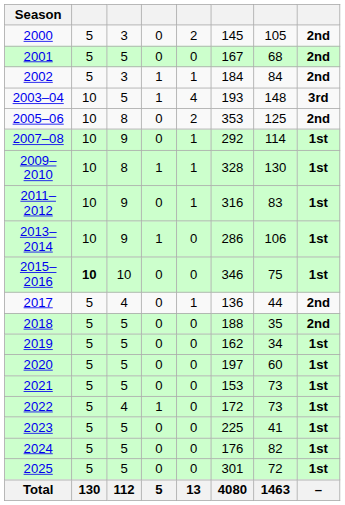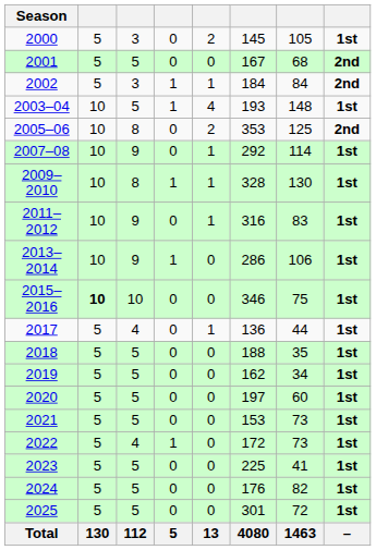 <table class="wikitable" style="text-align: center">
 <tr>
 <th width=75>Season</th>
 <th width=35></th>
 <th width=35></th>
 <th width=35></th>
 <th width=35></th>
 <th width=45></th>
 <th width=45></th>
 <th width=45></th>
 </tr>
 <tr>
 <td><a href='#'>2000</a></td>
 <td>5</td>
 <td>3</td>
 <td>0</td>
 <td>2</td>
 <td>145</td>
 <td>105</td>
-<td><strong>2nd</strong></td>
+<td><strong>1st</strong></td>
 </tr>
 <tr style="background:#ccffcc;">
 <td><a href='#'>2001</a></td>
 <td>5</td>
 <td>5</td>
 <td>0</td>
 <td>0</td>
 <td>167</td>
 <td>68</td>
 <td><strong>2nd</strong></td>
 </tr>
 <tr>
 <td><a href='#'>2002</a></td>
 <td>5</td>
 <td>3</td>
 <td>1</td>
 <td>1</td>
 <td>184</td>
 <td>84</td>
 <td><strong>2nd</strong></td>
 </tr>
 <tr>
 <td><a href='#'>2003–04</a></td>
 <td>10</td>
 <td>5</td>
 <td>1</td>
 <td>4</td>
 <td>193</td>
 <td>148</td>
-<td><strong>3rd</strong></td>
+<td><strong>1st</strong></td>
 </tr>
 <tr>
 <td><a href='#'>2005–06</a></td>
 <td>10</td>
 <td>8</td>
 <td>0</td>
 <td>2</td>
 <td>353</td>
 <td>125</td>
 <td><strong>2nd</strong></td>
 </tr>
 <tr |- style="background:#ccffcc;">
 <td><a href='#'>2007–08</a></td>
 <td>10</td>
 <td>9</td>
 <td>0</td>
 <td>1</td>
 <td>292</td>
 <td>114</td>
 <td><strong>1st</strong></td>
 </tr>
 <tr |- style="background:#ccffcc;">
 <td><a href='#'>2009–2010</a></td>
 <td>10</td>
 <td>8</td>
 <td>1</td>
 <td>1</td>
 <td>328</td>
 <td>130</td>
 <td><strong>1st</strong></td>
 </tr>
 <tr |- style="background:#ccffcc;">
 <td><a href='#'>2011–2012</a></td>
 <td>10</td>
 <td>9</td>
 <td>0</td>
 <td>1</td>
 <td>316</td>
 <td>83</td>
 <td><strong>1st</strong></td>
 </tr>
 <tr |- style="background:#ccffcc;">
 <td><a href='#'>2013–2014</a></td>
 <td>10</td>
 <td>9</td>
 <td>1</td>
 <td>0</td>
 <td>286</td>
 <td>106</td>
 <td><strong>1st</strong></td>
 </tr>
 <tr |- style="background:#ccffcc;">
 <td><a href='#'>2015–2016</a></td>
 <td><strong>10</strong></td>
 <td>10</td>
 <td>0</td>
 <td>0</td>
 <td>346</td>
 <td>75</td>
 <td><strong>1st</strong></td>
 </tr>
 <tr |->
 <td><a href='#'>2017</a></td>
 <td>5</td>
 <td>4</td>
 <td>0</td>
 <td>1</td>
 <td>136</td>
 <td>44</td>
-<td><strong>2nd</strong></td>
+<td><strong>1st</strong></td>
 </tr>
 <tr style="background:#ccffcc;">
 <td><a href='#'>2018</a></td>
 <td>5</td>
 <td>5</td>
 <td>0</td>
 <td>0</td>
 <td>188</td>
 <td>35</td>
-<td><strong>2nd</strong></td>
+<td><strong>1st</strong></td>
 </tr>
 <tr style="background:#ccffcc;">
 <td><a href='#'>2019</a></td>
 <td>5</td>
 <td>5</td>
 <td>0</td>
 <td>0</td>
 <td>162</td>
 <td>34</td>
 <td><strong>1st</strong></td>
 </tr>
 <tr style="background:#ccffcc;">
 <td><a href='#'>2020</a></td>
 <td>5</td>
 <td>5</td>
 <td>0</td>
 <td>0</td>
 <td>197</td>
 <td>60</td>
 <td><strong>1st</strong></td>
 </tr>
 <tr style="background:#ccffcc;">
 <td><a href='#'>2021</a></td>
 <td>5</td>
 <td>5</td>
 <td>0</td>
 <td>0</td>
 <td>153</td>
 <td>73</td>
 <td><strong>1st</strong></td>
 </tr>
 <tr style="background:#ccffcc;">
 <td><a href='#'>2022</a></td>
 <td>5</td>
 <td>4</td>
 <td>1</td>
 <td>0</td>
 <td>172</td>
 <td>73</td>
 <td><strong>1st</strong></td>
 </tr>
 <tr style="background:#ccffcc;">
 <td><a href='#'>2023</a></td>
 <td>5</td>
 <td>5</td>
 <td>0</td>
 <td>0</td>
 <td>225</td>
 <td>41</td>
 <td><strong>1st</strong></td>
 </tr>
 <tr style="background:#ccffcc;">
 <td><a href='#'>2024</a></td>
 <td>5</td>
 <td>5</td>
 <td>0</td>
 <td>0</td>
 <td>176</td>
 <td>82</td>
 <td><strong>1st</strong></td>
 </tr>
 <tr style="background:#ccffcc;">
 <td><a href='#'>2025</a></td>
 <td>5</td>
 <td>5</td>
 <td>0</td>
 <td>0</td>
 <td>301</td>
 <td>72</td>
 <td><strong>1st</strong></td>
 </tr>
 <tr>
 <th>Total</th>
 <th>130</th>
 <th>112</th>
 <th>5</th>
 <th>13</th>
 <th>4080</th>
 <th>1463</th>
 <th>–</th>
 </tr>
 </table>
